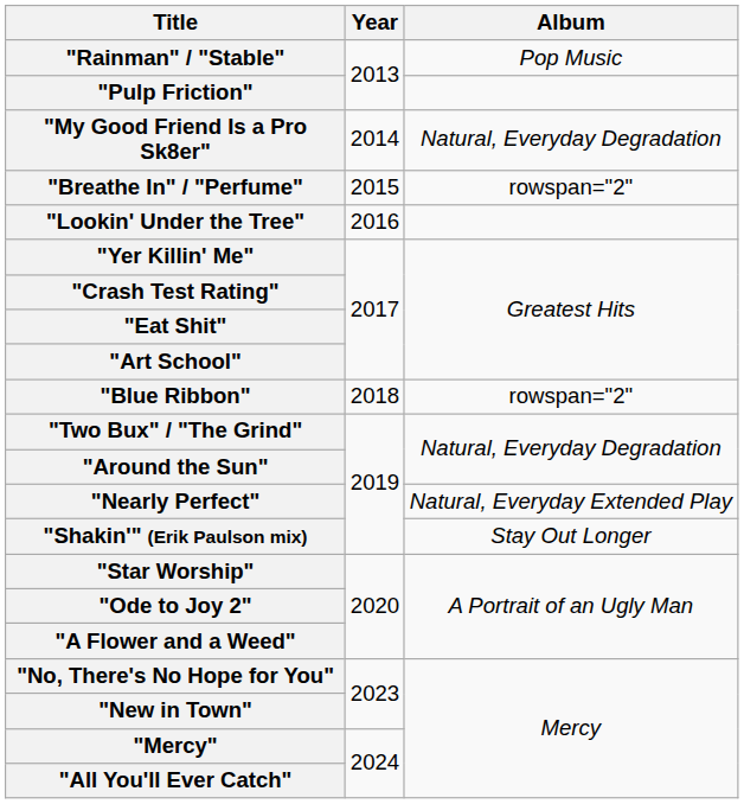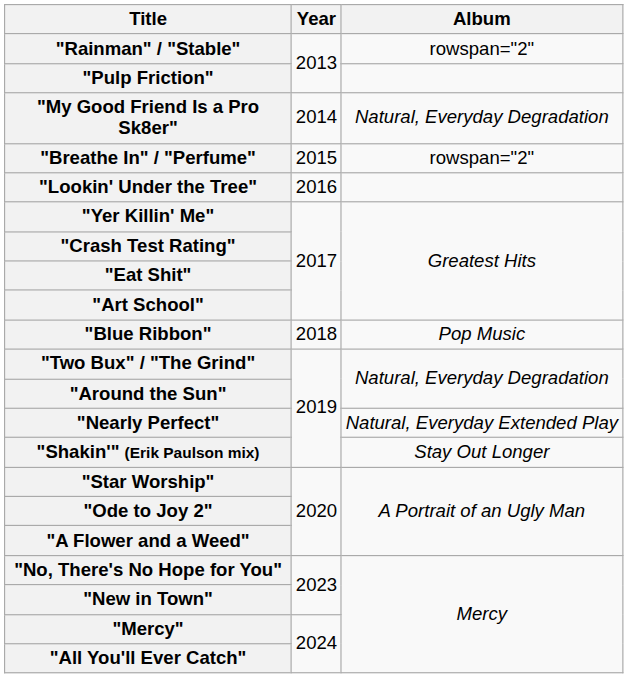 <table class="wikitable sortable mw-collapsible plainrowheaders" style="text-align:center;">
 <tr>
 <th scope="col" style="width:15em;">Title</th>
 <th scope="col">Year</th>
 <th scope="col">Album</th>
 </tr>
 <tr>
 <th scope="row">"Rainman" / "Stable"</th>
 <td rowspan="2">2013</td>
-<td><em>Pop Music</em></td>
+<td>rowspan="2" </td>
 </tr>
 <tr>
 <th scope="row">"Pulp Friction"</th>
 </tr>
 <tr>
 <th scope="row">"My Good Friend Is a Pro Sk8er"</th>
 <td>2014</td>
 <td><em>Natural, Everyday Degradation</em></td>
 </tr>
 <tr>
 <th scope="row">"Breathe In" / "Perfume"</th>
 <td>2015</td>
 <td>rowspan="2" </td>
 </tr>
 <tr>
 <th scope="row">"Lookin' Under the Tree"</th>
 <td>2016</td>
 </tr>
 <tr>
 <th scope="row">"Yer Killin' Me"</th>
 <td rowspan="4">2017</td>
 <td rowspan="4"><em>Greatest Hits</em></td>
 </tr>
 <tr>
 <th scope="row">"Crash Test Rating"</th>
 </tr>
 <tr>
 <th scope="row">"Eat Shit"</th>
 </tr>
 <tr>
 <th scope="row">"Art School"</th>
 </tr>
 <tr>
 <th scope="row">"Blue Ribbon"</th>
 <td>2018</td>
-<td>rowspan="2" </td>
+<td><em>Pop Music</em></td>
 </tr>
 <tr>
 <th scope="row">"Two Bux" / "The Grind"</th>
 <td rowspan="4">2019</td>
 <td rowspan="2"><em>Natural, Everyday Degradation</em></td>
 </tr>
 <tr>
 <th scope="row">"Around the Sun"</th>
 </tr>
 <tr>
 <th scope="row">"Nearly Perfect"</th>
 <td><em>Natural, Everyday Extended Play</em></td>
 </tr>
 <tr>
 <th scope="row">"Shakin'" <small>(Erik Paulson mix)</small></th>
 <td><em>Stay Out Longer</em></td>
 </tr>
 <tr>
 <th scope="row">"Star Worship"</th>
 <td rowspan="3">2020</td>
 <td rowspan="3"><em>A Portrait of an Ugly Man</em></td>
 </tr>
 <tr>
 <th scope="row">"Ode to Joy 2"</th>
 </tr>
 <tr>
 <th scope="row">"A Flower and a Weed"</th>
 </tr>
 <tr>
 <th scope="row">"No, There's No Hope for You"</th>
 <td rowspan="2">2023</td>
 <td rowspan="4"><em>Mercy</em></td>
 </tr>
 <tr>
 <th scope="row">"New in Town"</th>
 </tr>
 <tr>
 <th scope="row">"Mercy"</th>
 <td rowspan="2">2024</td>
 </tr>
 <tr>
 <th scope="row">"All You'll Ever Catch"</th>
 </tr>
 </table>
